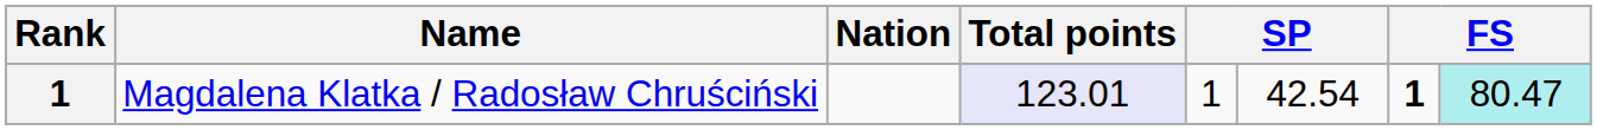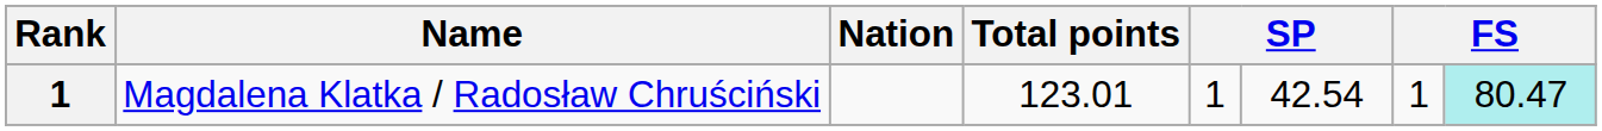 <table class="wikitable sortable">
 <tr>
 <th>Rank</th>
 <th>Name</th>
 <th>Nation</th>
 <th>Total points</th>
 <th colspan=2 width=80px><a href='#'>SP</a></th>
 <th colspan=2 width=80px><a href='#'>FS</a></th>
 </tr>
 <tr>
 <th>1</th>
 <td><a href='#'>Magdalena Klatka</a> / <a href='#'>Radosław Chruściński</a></td>
 <td></td>
-<td align=center style="background: lavender;">123.01</td>
+<td align=center>123.01</td>
 <td align=center>1</td>
 <td align=center>42.54</td>
-<td align=center><strong>1</strong></td>
+<td align=center>1</td>
 <td align=center style="background: paleturquoise;">80.47</td>
 </tr>
 </table>
